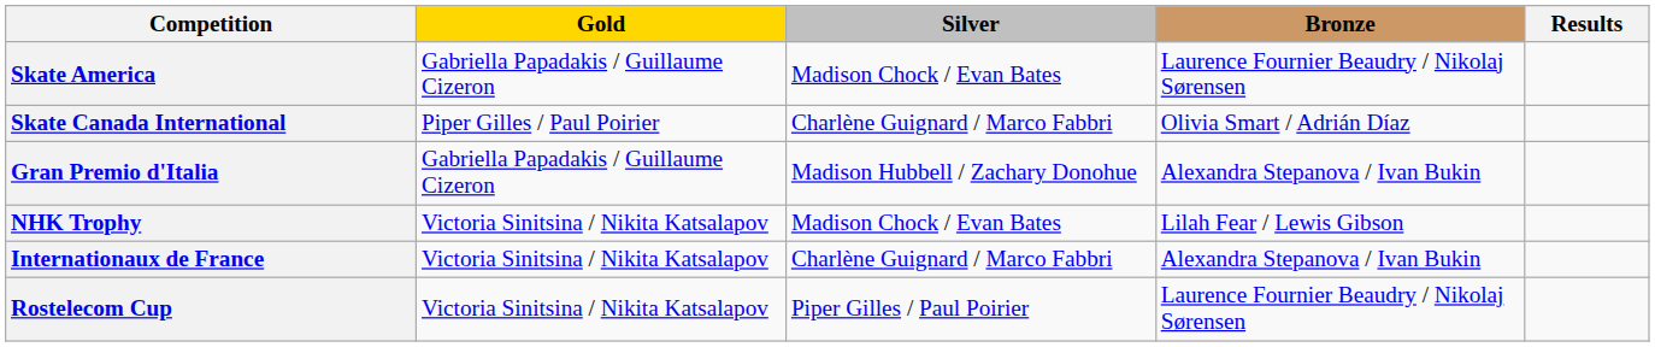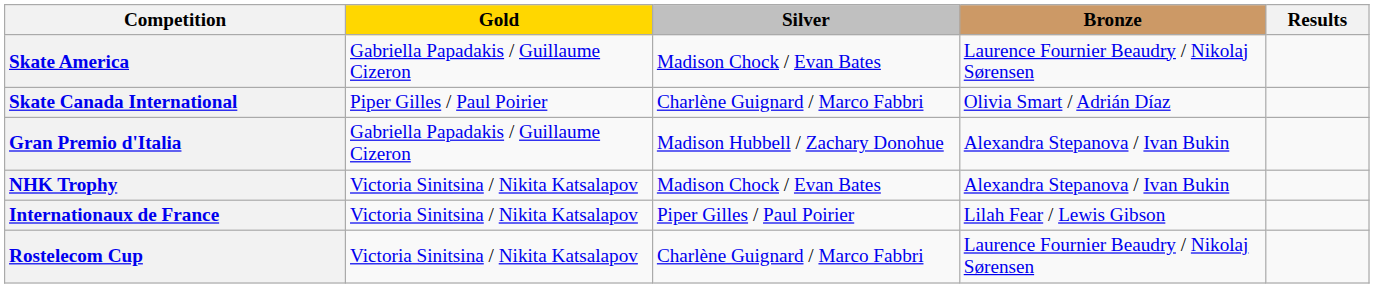 <table class="wikitable unsortable" style="text-align:left; width:90%">
 <tr>
 <th scope="col" style="text-align:center; width:25%;">Competition</th>
 <td scope="col" style="text-align:center; width:22.5%; background:gold"><strong>Gold</strong></td>
 <td scope="col" style="text-align:center; width:22.5%; background:silver"><strong>Silver</strong></td>
 <td scope="col" style="text-align:center; width:22.5%; background:#c96"><strong>Bronze</strong></td>
 <th scope="col" style="text-align:center; width:7.5%;">Results</th>
 </tr>
 <tr>
 <th scope="row" style="text-align:left"> <a href='#'>Skate America</a></th>
 <td> <a href='#'>Gabriella Papadakis</a> / <a href='#'>Guillaume Cizeron</a></td>
 <td> <a href='#'>Madison Chock</a> / <a href='#'>Evan Bates</a></td>
 <td> <a href='#'>Laurence Fournier Beaudry</a> / <a href='#'>Nikolaj Sørensen</a></td>
 <td></td>
 </tr>
 <tr>
 <th scope="row" style="text-align:left"> <a href='#'>Skate Canada International</a></th>
 <td> <a href='#'>Piper Gilles</a> / <a href='#'>Paul Poirier</a></td>
 <td> <a href='#'>Charlène Guignard</a> / <a href='#'>Marco Fabbri</a></td>
 <td> <a href='#'>Olivia Smart</a> / <a href='#'>Adrián Díaz</a></td>
 <td></td>
 </tr>
 <tr>
 <th scope="row" style="text-align:left"> <a href='#'>Gran Premio d'Italia</a></th>
 <td> <a href='#'>Gabriella Papadakis</a> / <a href='#'>Guillaume Cizeron</a></td>
 <td> <a href='#'>Madison Hubbell</a> / <a href='#'>Zachary Donohue</a></td>
 <td> <a href='#'>Alexandra Stepanova</a> / <a href='#'>Ivan Bukin</a></td>
 <td></td>
 </tr>
 <tr>
 <th scope="row" style="text-align:left"> <a href='#'>NHK Trophy</a></th>
 <td> <a href='#'>Victoria Sinitsina</a> / <a href='#'>Nikita Katsalapov</a></td>
 <td> <a href='#'>Madison Chock</a> / <a href='#'>Evan Bates</a></td>
-<td> <a href='#'>Lilah Fear</a> / <a href='#'>Lewis Gibson</a></td>
+<td> <a href='#'>Alexandra Stepanova</a> / <a href='#'>Ivan Bukin</a></td>
 <td></td>
 </tr>
 <tr>
 <th scope="row" style="text-align:left"> <a href='#'>Internationaux de France</a></th>
 <td> <a href='#'>Victoria Sinitsina</a> / <a href='#'>Nikita Katsalapov</a></td>
-<td> <a href='#'>Charlène Guignard</a> / <a href='#'>Marco Fabbri</a></td>
-<td> <a href='#'>Alexandra Stepanova</a> / <a href='#'>Ivan Bukin</a></td>
+<td> <a href='#'>Piper Gilles</a> / <a href='#'>Paul Poirier</a></td>
+<td> <a href='#'>Lilah Fear</a> / <a href='#'>Lewis Gibson</a></td>
 <td></td>
 </tr>
 <tr>
 <th scope="row" style="text-align:left"> <a href='#'>Rostelecom Cup</a></th>
 <td> <a href='#'>Victoria Sinitsina</a> / <a href='#'>Nikita Katsalapov</a></td>
-<td> <a href='#'>Piper Gilles</a> / <a href='#'>Paul Poirier</a></td>
+<td> <a href='#'>Charlène Guignard</a> / <a href='#'>Marco Fabbri</a></td>
 <td> <a href='#'>Laurence Fournier Beaudry</a> / <a href='#'>Nikolaj Sørensen</a></td>
 <td></td>
 </tr>
 </table>
